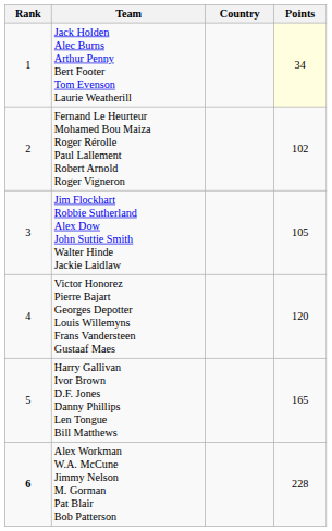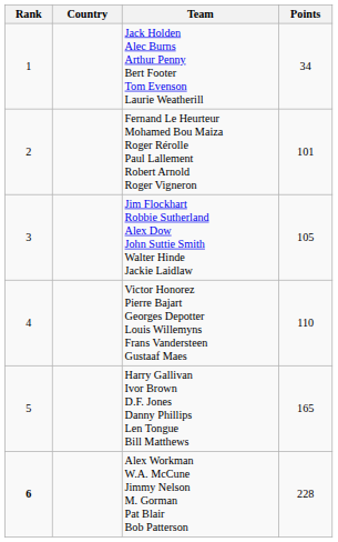 <table class="wikitable sortable" style=" text-align:center; font-size:95%;" width="50%">
 <tr>
 <th>Rank</th>
+<th>Country</th>
 <th>Team</th>
-<th>Country</th>
 <th>Points</th>
 </tr>
 <tr>
 <td align=center>1</td>
+<td align=left></td>
 <td align=left><a href='#'>Jack Holden</a><br><a href='#'>Alec Burns</a><br><a href='#'>Arthur Penny</a><br>Bert Footer<br><a href='#'>Tom Evenson</a><br>Laurie Weatherill</td>
-<td align=left></td>
-<td style="background: lightyellow;">34</td>
+<td>34</td>
 </tr>
 <tr>
 <td align=center>2</td>
+<td align=left></td>
 <td align=left>Fernand Le Heurteur<br>Mohamed Bou Maiza<br>Roger Rérolle<br>Paul Lallement<br>Robert Arnold<br>Roger Vigneron</td>
-<td align=left></td>
-<td>102</td>
+<td>101</td>
 </tr>
 <tr>
 <td align=center>3</td>
+<td align=left></td>
 <td align=left><a href='#'>Jim Flockhart</a><br><a href='#'>Robbie Sutherland</a><br><a href='#'>Alex Dow</a><br><a href='#'>John Suttie Smith</a><br>Walter Hinde<br>Jackie Laidlaw</td>
-<td align=left></td>
 <td>105</td>
 </tr>
 <tr>
 <td align=center>4</td>
+<td align=left></td>
 <td align=left>Victor Honorez<br>Pierre Bajart<br>Georges Depotter<br>Louis Willemyns<br>Frans Vandersteen<br>Gustaaf Maes</td>
-<td align=left></td>
-<td>120</td>
+<td>110</td>
 </tr>
 <tr>
 <td align=center>5</td>
+<td align=left></td>
 <td align=left>Harry Gallivan<br>Ivor Brown<br>D.F. Jones<br>Danny Phillips<br>Len Tongue<br>Bill Matthews</td>
-<td align=left></td>
 <td>165</td>
 </tr>
 <tr>
 <td align=center><strong>6</strong></td>
+<td align=left></td>
 <td align=left>Alex Workman<br>W.A. McCune<br>Jimmy Nelson<br>M. Gorman<br>Pat Blair<br>Bob Patterson</td>
-<td align=left></td>
 <td>228</td>
 </tr>
 </table>
